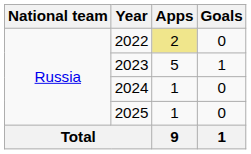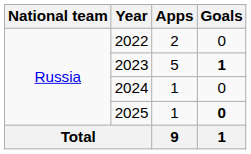 <table class="wikitable" style="text-align:center">
 <tr>
 <th>National team</th>
 <th>Year</th>
 <th>Apps</th>
 <th>Goals</th>
 </tr>
 <tr>
 <td rowspan="4"><a href='#'>Russia</a></td>
 <td>2022</td>
-<td style="background: khaki;">2</td>
+<td>2</td>
 <td>0</td>
 </tr>
 <tr>
 <td>2023</td>
 <td>5</td>
-<td>1</td>
+<td><strong>1</strong></td>
 </tr>
 <tr>
 <td>2024</td>
 <td>1</td>
 <td>0</td>
 </tr>
 <tr>
 <td>2025</td>
 <td>1</td>
-<td>0</td>
+<td><strong>0</strong></td>
 </tr>
 <tr>
 <th colspan="2">Total</th>
 <th>9</th>
 <th>1</th>
 </tr>
 </table>
